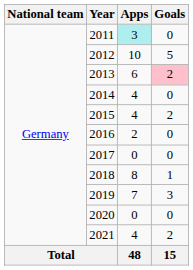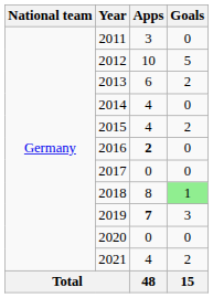 <table class="wikitable" style="text-align: center;">
 <tr>
 <th>National team</th>
 <th>Year</th>
 <th>Apps</th>
 <th>Goals</th>
 </tr>
 <tr>
 <td rowspan="11"><a href='#'>Germany</a></td>
 <td>2011</td>
-<td style="background: paleturquoise;">3</td>
+<td>3</td>
 <td>0</td>
 </tr>
 <tr>
 <td>2012</td>
 <td>10</td>
 <td>5</td>
 </tr>
 <tr>
 <td>2013</td>
 <td>6</td>
-<td style="background: pink;">2</td>
+<td>2</td>
 </tr>
 <tr>
 <td>2014</td>
 <td>4</td>
 <td>0</td>
 </tr>
 <tr>
 <td>2015</td>
 <td>4</td>
 <td>2</td>
 </tr>
 <tr>
 <td>2016</td>
-<td>2</td>
+<td><strong>2</strong></td>
 <td>0</td>
 </tr>
 <tr>
 <td>2017</td>
 <td>0</td>
 <td>0</td>
 </tr>
 <tr>
 <td>2018</td>
 <td>8</td>
-<td>1</td>
+<td style="background: lightgreen;">1</td>
 </tr>
 <tr>
 <td>2019</td>
-<td>7</td>
+<td><strong>7</strong></td>
 <td>3</td>
 </tr>
 <tr>
 <td>2020</td>
 <td>0</td>
 <td>0</td>
 </tr>
 <tr>
 <td>2021</td>
 <td>4</td>
 <td>2</td>
 </tr>
 <tr>
 <th colspan="2">Total</th>
 <th>48</th>
 <th>15</th>
 </tr>
 </table>
